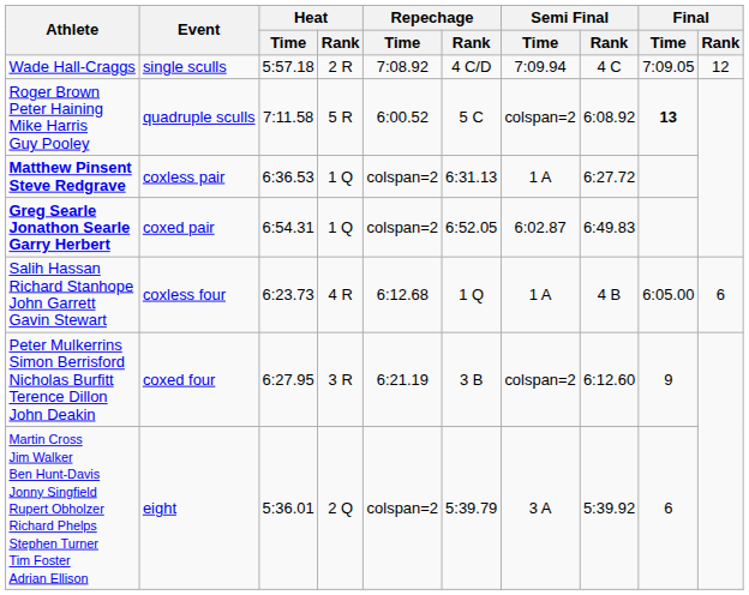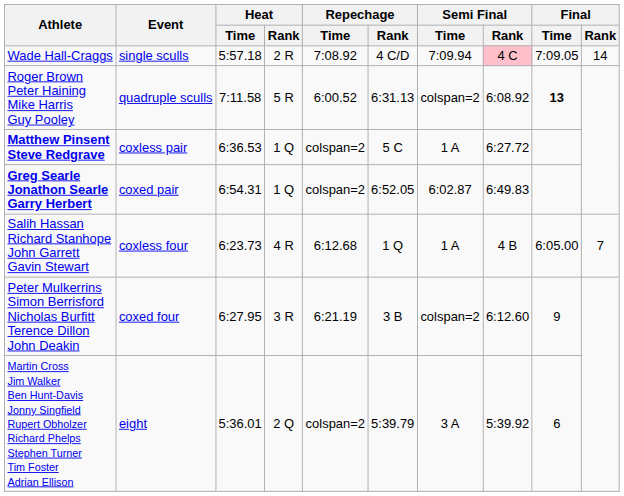 <table class=wikitable style="font-size:90%">
 <tr>
 <th rowspan="2">Athlete</th>
 <th rowspan="2">Event</th>
 <th colspan="2">Heat</th>
 <th colspan="2">Repechage</th>
 <th colspan="2">Semi Final</th>
 <th colspan="2">Final</th>
 </tr>
 <tr>
 <th>Time</th>
 <th>Rank</th>
 <th>Time</th>
 <th>Rank</th>
 <th>Time</th>
 <th>Rank</th>
 <th>Time</th>
 <th>Rank</th>
 </tr>
 <tr style="text-align:center">
 <td style="text-align:left"><a href='#'>Wade Hall-Craggs</a></td>
 <td style="text-align:left"><a href='#'>single sculls</a></td>
 <td>5:57.18</td>
 <td>2 R</td>
 <td>7:08.92</td>
 <td>4 C/D</td>
 <td>7:09.94</td>
-<td>4 C</td>
+<td style="background: pink;">4 C</td>
 <td>7:09.05</td>
-<td>12</td>
+<td>14</td>
 </tr>
 <tr style="text-align:center">
 <td style="text-align:left"><a href='#'>Roger Brown</a><br><a href='#'>Peter Haining</a><br><a href='#'>Mike Harris</a><br><a href='#'>Guy Pooley</a></td>
 <td style="text-align:left"><a href='#'>quadruple sculls</a></td>
 <td>7:11.58</td>
 <td>5 R</td>
 <td>6:00.52</td>
-<td>5 C</td>
+<td>6:31.13</td>
 <td>colspan=2</td>
 <td>6:08.92</td>
 <td><strong>13</strong></td>
 </tr>
 <tr style="text-align:center">
 <td style="text-align:left"><strong><a href='#'>Matthew Pinsent</a><br><a href='#'>Steve Redgrave</a></strong></td>
 <td style="text-align:left"><a href='#'>coxless pair</a></td>
 <td>6:36.53</td>
 <td>1 Q</td>
 <td>colspan=2</td>
-<td>6:31.13</td>
+<td>5 C</td>
 <td>1 A</td>
 <td>6:27.72</td>
 <td></td>
 </tr>
 <tr style="text-align:center">
 <td style="text-align:left"><strong><a href='#'>Greg Searle</a><br><a href='#'>Jonathon Searle</a><br><a href='#'>Garry Herbert</a></strong></td>
 <td style="text-align:left"><a href='#'>coxed pair</a></td>
 <td>6:54.31</td>
 <td>1 Q</td>
 <td>colspan=2</td>
 <td>6:52.05</td>
 <td>6:02.87</td>
 <td>6:49.83</td>
 <td></td>
 </tr>
 <tr style="text-align:center">
 <td style="text-align:left"><a href='#'>Salih Hassan</a><br><a href='#'>Richard Stanhope</a><br><a href='#'>John Garrett</a><br><a href='#'>Gavin Stewart</a></td>
 <td style="text-align:left"><a href='#'>coxless four</a></td>
 <td>6:23.73</td>
 <td>4 R</td>
 <td>6:12.68</td>
 <td>1 Q</td>
 <td>1 A</td>
 <td>4 B</td>
 <td>6:05.00</td>
-<td>6</td>
+<td>7</td>
 </tr>
 <tr style="text-align:center">
 <td style="text-align:left"><a href='#'>Peter Mulkerrins</a><br><a href='#'>Simon Berrisford</a><br><a href='#'>Nicholas Burfitt</a><br><a href='#'>Terence Dillon</a><br><a href='#'>John Deakin</a></td>
 <td style="text-align:left"><a href='#'>coxed four</a></td>
 <td>6:27.95</td>
 <td>3 R</td>
 <td>6:21.19</td>
 <td>3 B</td>
 <td>colspan=2</td>
 <td>6:12.60</td>
 <td>9</td>
 </tr>
 <tr style="text-align:center">
 <td style="text-align:left"><small><a href='#'>Martin Cross</a><br><a href='#'>Jim Walker</a><br><a href='#'>Ben Hunt-Davis</a><br><a href='#'>Jonny Singfield</a><br><a href='#'>Rupert Obholzer</a><br><a href='#'>Richard Phelps</a><br><a href='#'>Stephen Turner</a><br><a href='#'>Tim Foster</a><br><a href='#'>Adrian Ellison</a></small></td>
 <td style="text-align:left"><a href='#'>eight</a></td>
 <td>5:36.01</td>
 <td>2 Q</td>
 <td>colspan=2</td>
 <td>5:39.79</td>
 <td>3 A</td>
 <td>5:39.92</td>
 <td>6</td>
 </tr>
 </table>
